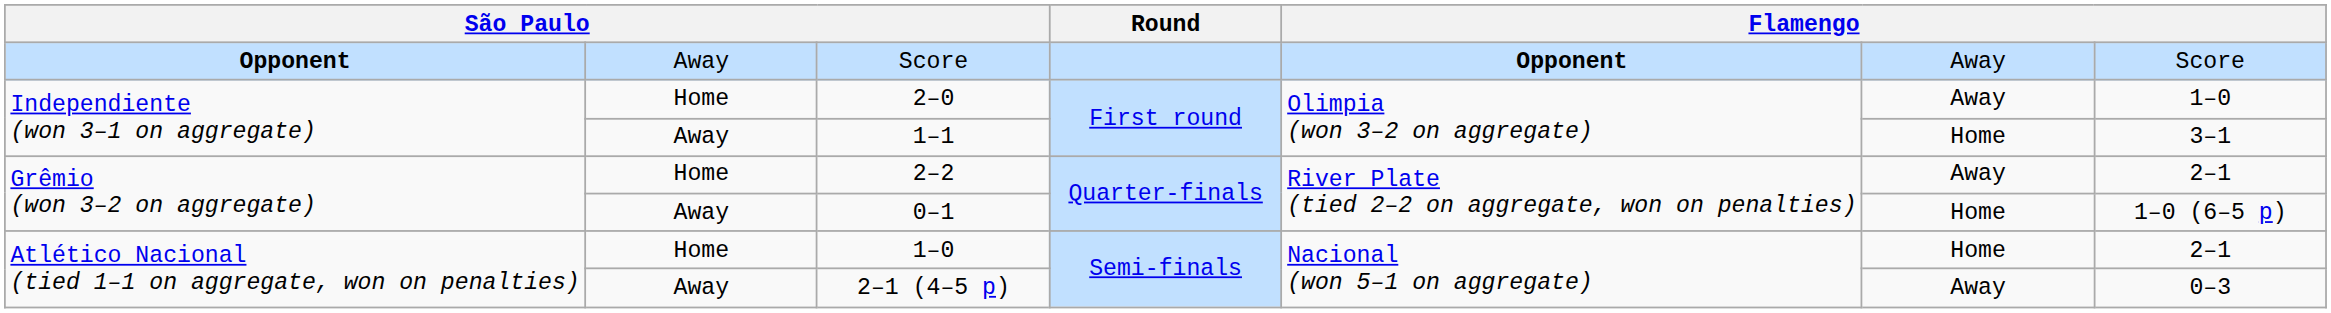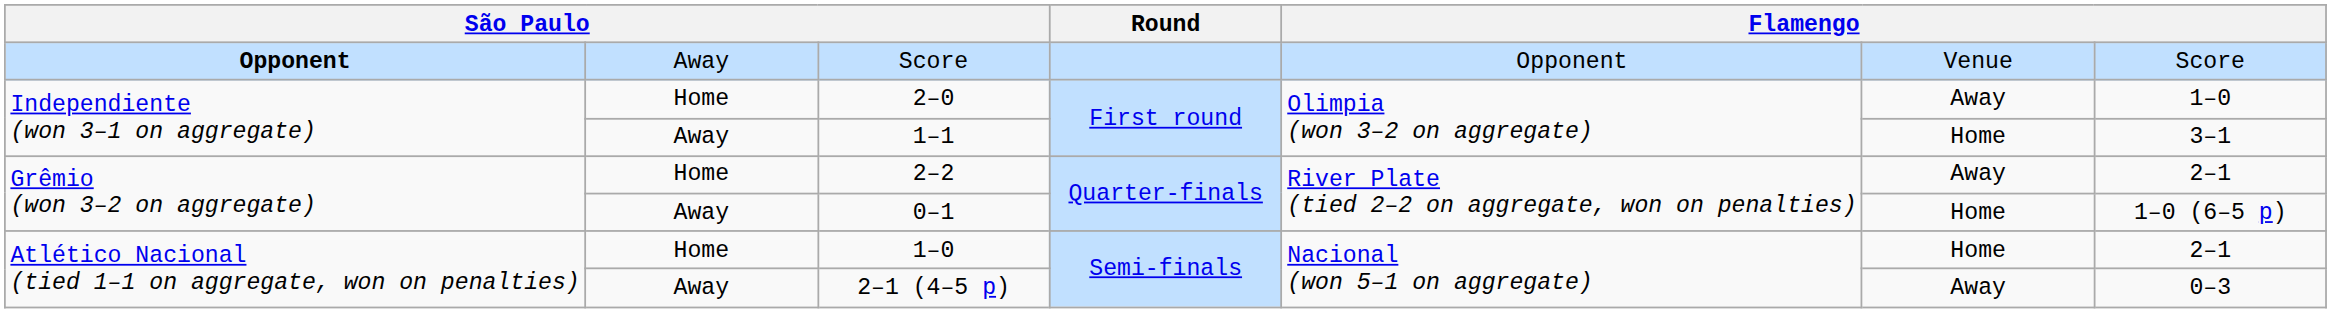 <table class="wikitable" style="text-align: center;">
 <tr>
 <th colspan=3> <a href='#'>São Paulo</a></th>
 <th>Round</th>
 <th colspan=3> <a href='#'>Flamengo</a></th>
 </tr>
 <tr bgcolor=#c1e0ff>
 <td width=25%><strong>Opponent</strong></td>
 <td>Away</td>
 <td width=10%>Score</td>
 <td width=10%></td>
-<td width=25%><strong>Opponent</strong></td>
-<td>Away</td>
+<td width=25%>Opponent</td>
+<td width=10%>Venue</td>
 <td width=10%>Score</td>
 </tr>
 <tr>
 <td rowspan=2 align=left> <a href='#'>Independiente</a><br><em>(won 3–1 on aggregate)</em></td>
 <td>Home</td>
 <td>2–0</td>
 <td rowspan=2 bgcolor=#c1e0ff><a href='#'>First round</a></td>
 <td rowspan=2 align=left> <a href='#'>Olimpia</a><br><em>(won 3–2 on aggregate)</em></td>
 <td>Away</td>
 <td>1–0</td>
 </tr>
 <tr>
 <td>Away</td>
 <td>1–1</td>
 <td>Home</td>
 <td>3–1</td>
 </tr>
 <tr>
 <td rowspan=2 align=left> <a href='#'>Grêmio</a><br><em>(won 3–2 on aggregate)</em></td>
 <td>Home</td>
 <td>2–2</td>
 <td rowspan=2 bgcolor=#c1e0ff><a href='#'>Quarter-finals</a></td>
 <td rowspan=2 align=left> <a href='#'>River Plate</a><br><em>(tied 2–2 on aggregate, won on penalties)</em></td>
 <td>Away</td>
 <td>2–1</td>
 </tr>
 <tr>
 <td>Away</td>
 <td>0–1</td>
 <td>Home</td>
 <td>1–0 (6–5 <a href='#'>p</a>)</td>
 </tr>
 <tr>
 <td rowspan=2 align=left> <a href='#'>Atlético Nacional</a><br><em>(tied 1–1 on aggregate, won on penalties)</em></td>
 <td>Home</td>
 <td>1–0</td>
 <td rowspan=2 bgcolor=#c1e0ff><a href='#'>Semi-finals</a></td>
 <td rowspan=2 align=left> <a href='#'>Nacional</a><br><em>(won 5–1 on aggregate)</em></td>
 <td>Home</td>
 <td>2–1</td>
 </tr>
 <tr>
 <td>Away</td>
 <td>2–1 (4–5 <a href='#'>p</a>)</td>
 <td>Away</td>
 <td>0–3</td>
 </tr>
 </table>
